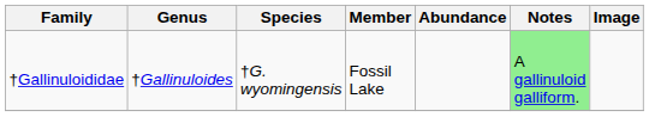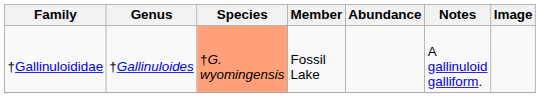 <table class="wikitable" style="margin:auto;width:100%;">
 <tr>
 <th>Family</th>
 <th>Genus</th>
 <th>Species</th>
 <th>Member</th>
 <th>Abundance</th>
 <th>Notes</th>
 <th>Image</th>
 </tr>
 <tr>
 <td><br>†<a href='#'>Gallinuloididae</a></td>
 <td><br>†<em><a href='#'>Gallinuloides</a></em></td>
-<td><br>†<em>G. wyomingensis</em></td>
+<td style="background: lightsalmon;"><br>†<em>G. wyomingensis</em></td>
 <td><br>Fossil Lake</td>
 <td></td>
-<td style="background: lightgreen;"><br>A <a href='#'>gallinuloid</a> <a href='#'>galliform</a>.</td>
+<td><br>A <a href='#'>gallinuloid</a> <a href='#'>galliform</a>.</td>
 <td><br></td>
 </tr>
 <tr>
 </tr>
 </table>
